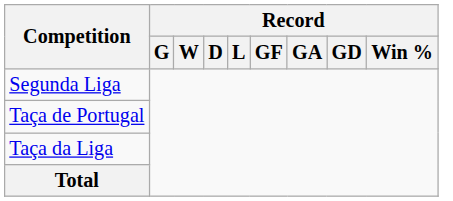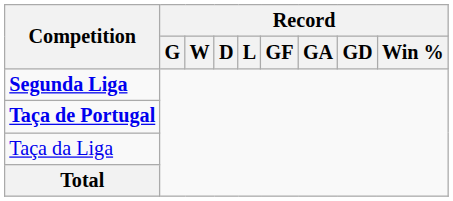 <table class="wikitable" style="text-align: center">
 <tr>
 <th rowspan="2">Competition</th>
 <th colspan="9">Record</th>
 </tr>
 <tr>
 <th>G</th>
 <th>W</th>
 <th>D</th>
 <th>L</th>
 <th>GF</th>
 <th>GA</th>
 <th>GD</th>
 <th>Win %</th>
 </tr>
 <tr>
-<td style="text-align: left"><a href='#'>Segunda Liga</a><br></td>
+<td style="text-align: left"><strong><a href='#'>Segunda Liga</a><br></strong></td>
 </tr>
 <tr>
-<td style="text-align: left"><a href='#'>Taça de Portugal</a><br></td>
+<td style="text-align: left"><strong><a href='#'>Taça de Portugal</a><br></strong></td>
 </tr>
 <tr>
 <td style="text-align: left"><a href='#'>Taça da Liga</a><br></td>
 </tr>
 <tr>
 <th>Total<br></th>
 </tr>
 </table>
